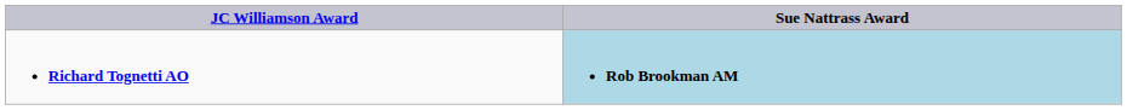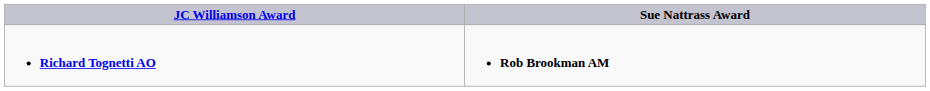 <table class=wikitable width="90%" border="1" cellpadding="5" cellspacing="0" align="centre">
 <tr>
 <th style="background:#C4C3D0;width:50%"><a href='#'>JC Williamson Award</a></th>
 <th style="background:#C4C3D0;width:50%">Sue Nattrass Award</th>
 </tr>
 <tr>
 <td valign="top"><br><ul><li><strong><a href='#'>Richard Tognetti AO</a></strong></li></ul></td>
-<td valign="top" style="background: lightblue;"><br><ul><li><strong>Rob Brookman AM</strong></li></ul></td>
+<td valign="top"><br><ul><li><strong>Rob Brookman AM</strong></li></ul></td>
 </tr>
 </table>
